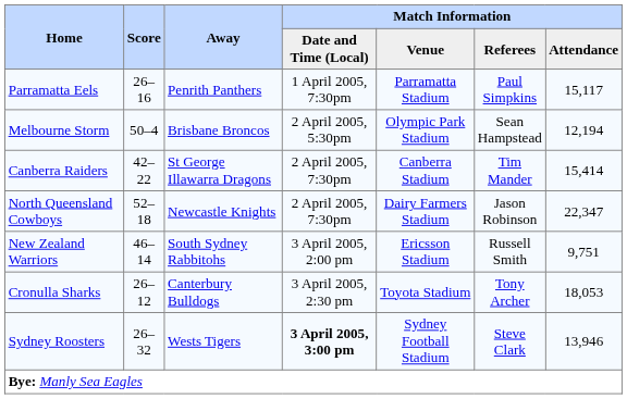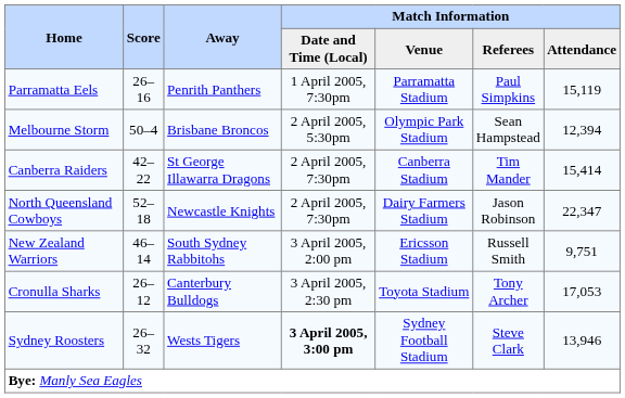 <table border="1" cellpadding="3" cellspacing="0" style="border-collapse:collapse; font-size:90%; width:100%;">
 <tr style="background:#c1d8ff;">
 <th rowspan=2 style="width:21%;">Home</th>
 <th rowspan=2 style="width:6%;">Score</th>
 <th rowspan=2 style="width:21%;">Away</th>
 <th colspan=6>Match Information</th>
 </tr>
 <tr style="background:#efefef;">
 <th width=17%>Date and Time (Local)</th>
 <th width=17%>Venue</th>
 <th width=11%>Referees</th>
 <th width=7%>Attendance</th>
 </tr>
 <tr style="text-align:center; background:#f5faff;">
 <td align=left> <a href='#'>Parramatta Eels</a></td>
 <td>26–16</td>
 <td align=left> <a href='#'>Penrith Panthers</a></td>
 <td>1 April 2005, 7:30pm</td>
 <td><a href='#'>Parramatta Stadium</a></td>
 <td><a href='#'>Paul Simpkins</a></td>
-<td>15,117</td>
+<td>15,119</td>
 </tr>
 <tr style="text-align:center; background:#f5faff">
 <td align=left> <a href='#'>Melbourne Storm</a></td>
 <td>50–4</td>
 <td align=left> <a href='#'>Brisbane Broncos</a></td>
 <td>2 April 2005, 5:30pm</td>
 <td><a href='#'>Olympic Park Stadium</a></td>
 <td>Sean Hampstead</td>
-<td>12,194</td>
+<td>12,394</td>
 </tr>
 <tr style="text-align:center; background:#f5faff">
 <td align=left> <a href='#'>Canberra Raiders</a></td>
 <td>42–22</td>
 <td align=left> <a href='#'>St George Illawarra Dragons</a></td>
 <td>2 April 2005, 7:30pm</td>
 <td><a href='#'>Canberra Stadium</a></td>
 <td><a href='#'>Tim Mander</a></td>
 <td>15,414</td>
 </tr>
 <tr style="text-align: center; background:#f5faff">
 <td align=left> <a href='#'>North Queensland Cowboys</a></td>
 <td>52–18</td>
 <td align=left> <a href='#'>Newcastle Knights</a></td>
 <td>2 April 2005, 7:30pm</td>
 <td><a href='#'>Dairy Farmers Stadium</a></td>
 <td>Jason Robinson</td>
 <td>22,347</td>
 </tr>
 <tr style="text-align: center; background:#f5faff">
 <td align=left> <a href='#'>New Zealand Warriors</a></td>
 <td>46–14</td>
 <td align=left> <a href='#'>South Sydney Rabbitohs</a></td>
 <td>3 April 2005, 2:00 pm</td>
 <td><a href='#'>Ericsson Stadium</a></td>
 <td>Russell Smith</td>
 <td>9,751</td>
 </tr>
 <tr style="text-align: center; background:#f5faff">
 <td align=left> <a href='#'>Cronulla Sharks</a></td>
 <td>26–12</td>
 <td align=left> <a href='#'>Canterbury Bulldogs</a></td>
 <td>3 April 2005, 2:30 pm</td>
 <td><a href='#'>Toyota Stadium</a></td>
 <td><a href='#'>Tony Archer</a></td>
-<td>18,053</td>
+<td>17,053</td>
 </tr>
 <tr style="text-align: center; background:#f5faff">
 <td align=left> <a href='#'>Sydney Roosters</a></td>
 <td>26–32</td>
 <td align=left> <a href='#'>Wests Tigers</a></td>
 <td><strong>3 April 2005, 3:00 pm</strong></td>
 <td><a href='#'>Sydney Football Stadium</a></td>
 <td><a href='#'>Steve Clark</a></td>
 <td>13,946</td>
 </tr>
 <tr>
 <td colspan=7 style="text-align:left;"><strong>Bye:</strong>   <em><a href='#'>Manly Sea Eagles</a></em></td>
 </tr>
 </table>
